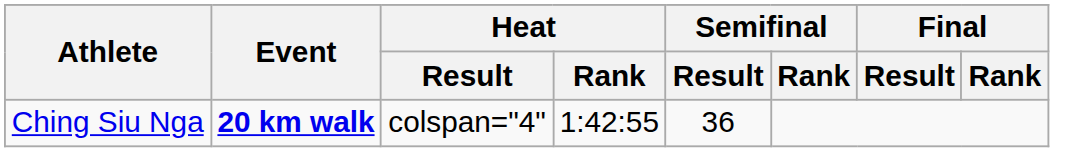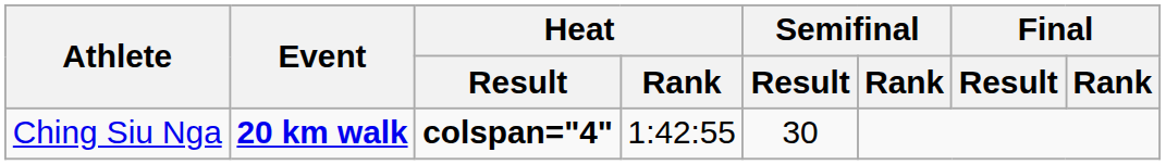 <table class="wikitable">
 <tr>
 <th rowspan="2">Athlete</th>
 <th rowspan="2">Event</th>
 <th colspan="2">Heat</th>
 <th colspan="2">Semifinal</th>
 <th colspan="2">Final</th>
 </tr>
 <tr>
 <th>Result</th>
 <th>Rank</th>
 <th>Result</th>
 <th>Rank</th>
 <th>Result</th>
 <th>Rank</th>
 </tr>
 <tr style=text-align:center>
 <td style=text-align:left><a href='#'>Ching Siu Nga</a></td>
 <td style=text-align:left><strong><a href='#'>20 km walk</a></strong></td>
-<td>colspan="4" </td>
+<td><strong>colspan="4" </strong></td>
 <td>1:42:55</td>
-<td>36</td>
+<td>30</td>
 </tr>
 </table>
